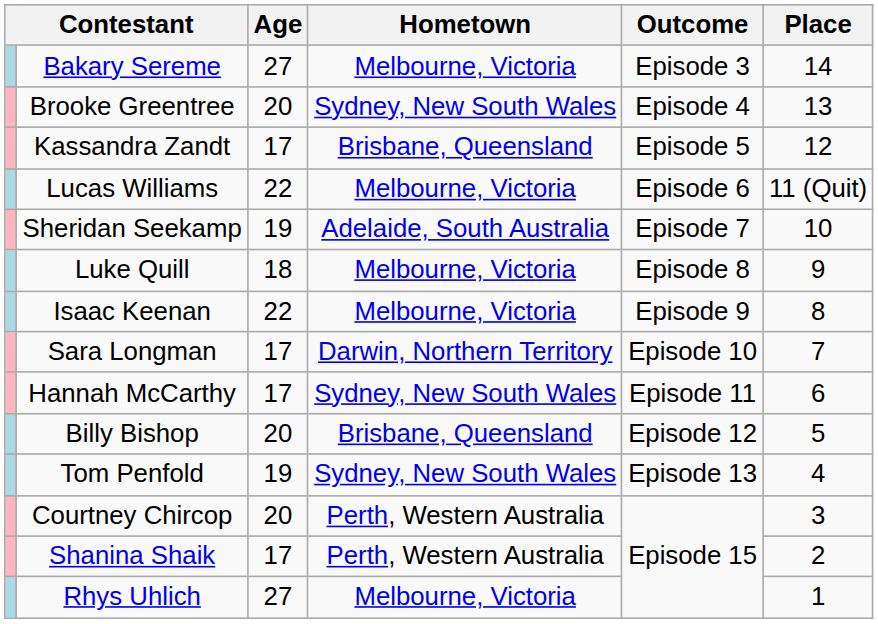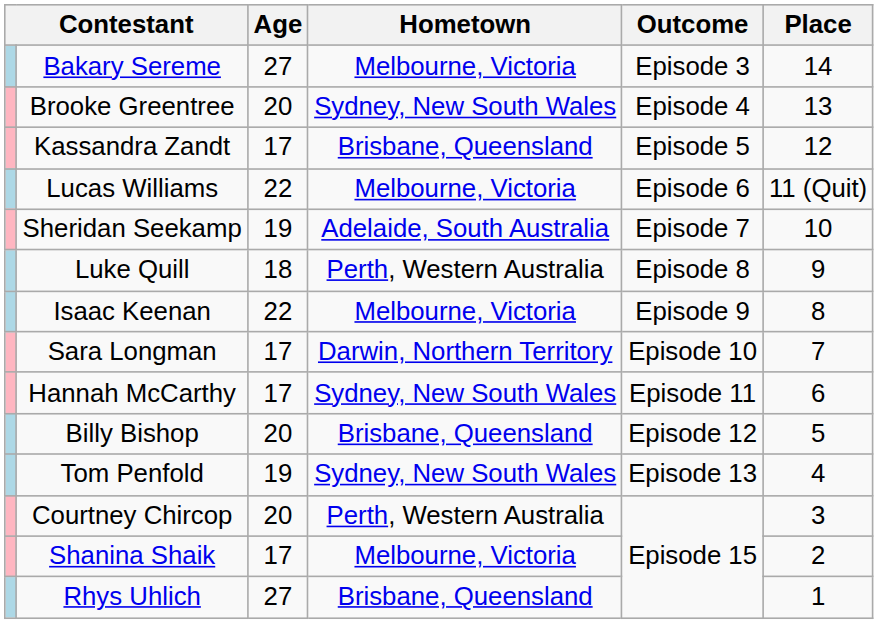 <table class="wikitable sortable" style="text-align:center;">
 <tr>
 <th colspan=2>Contestant</th>
 <th>Age</th>
 <th>Hometown</th>
 <th>Outcome</th>
 <th>Place</th>
 </tr>
 <tr>
 <td style="background:lightblue;"></td>
 <td><a href='#'>Bakary Sereme</a></td>
 <td>27</td>
 <td><a href='#'>Melbourne, Victoria</a></td>
 <td>Episode 3</td>
 <td>14</td>
 </tr>
 <tr>
 <td style="background:lightpink"></td>
 <td>Brooke Greentree</td>
 <td>20</td>
 <td><a href='#'>Sydney, New South Wales</a></td>
 <td>Episode 4</td>
 <td>13</td>
 </tr>
 <tr>
 <td style="background:lightpink"></td>
 <td>Kassandra Zandt</td>
 <td>17</td>
 <td><a href='#'>Brisbane, Queensland</a></td>
 <td>Episode 5</td>
 <td>12</td>
 </tr>
 <tr>
 <td style="background:lightblue;"></td>
 <td>Lucas Williams</td>
 <td>22</td>
 <td><a href='#'>Melbourne, Victoria</a></td>
 <td>Episode 6</td>
 <td>11 (Quit)</td>
 </tr>
 <tr>
 <td style="background:lightpink"></td>
 <td>Sheridan Seekamp</td>
 <td>19</td>
 <td><a href='#'>Adelaide, South Australia</a></td>
 <td>Episode 7</td>
 <td>10</td>
 </tr>
 <tr>
 <td style="background:lightblue;"></td>
 <td>Luke Quill</td>
 <td>18</td>
-<td><a href='#'>Melbourne, Victoria</a></td>
+<td><a href='#'>Perth</a>, Western Australia</td>
 <td>Episode 8</td>
 <td>9</td>
 </tr>
 <tr>
 <td style="background:lightblue;"></td>
 <td>Isaac Keenan</td>
 <td>22</td>
 <td><a href='#'>Melbourne, Victoria</a></td>
 <td>Episode 9</td>
 <td>8</td>
 </tr>
 <tr>
 <td style="background:lightpink"></td>
 <td>Sara Longman</td>
 <td>17</td>
 <td><a href='#'>Darwin, Northern Territory</a></td>
 <td>Episode 10</td>
 <td>7</td>
 </tr>
 <tr>
 <td style="background:lightpink"></td>
 <td>Hannah McCarthy</td>
 <td>17</td>
 <td><a href='#'>Sydney, New South Wales</a></td>
 <td>Episode 11</td>
 <td>6</td>
 </tr>
 <tr>
 <td style="background:lightblue;"></td>
 <td>Billy Bishop</td>
 <td>20</td>
 <td><a href='#'>Brisbane, Queensland</a></td>
 <td>Episode 12</td>
 <td>5</td>
 </tr>
 <tr>
 <td style="background:lightblue;"></td>
 <td>Tom Penfold</td>
 <td>19</td>
 <td><a href='#'>Sydney, New South Wales</a></td>
 <td>Episode 13</td>
 <td>4</td>
 </tr>
 <tr>
 <td style="background:lightpink"></td>
 <td>Courtney Chircop</td>
 <td>20</td>
 <td><a href='#'>Perth</a>, Western Australia</td>
 <td rowspan="3">Episode 15</td>
 <td>3</td>
 </tr>
 <tr>
 <td style="background:lightpink"></td>
 <td><a href='#'>Shanina Shaik</a></td>
 <td>17</td>
-<td><a href='#'>Perth</a>, Western Australia</td>
+<td><a href='#'>Melbourne, Victoria</a></td>
 <td>2</td>
 </tr>
 <tr>
 <td style="background:lightblue;"></td>
 <td><a href='#'>Rhys Uhlich</a></td>
 <td>27</td>
-<td><a href='#'>Melbourne, Victoria</a></td>
+<td><a href='#'>Brisbane, Queensland</a></td>
 <td>1</td>
 </tr>
 </table>
